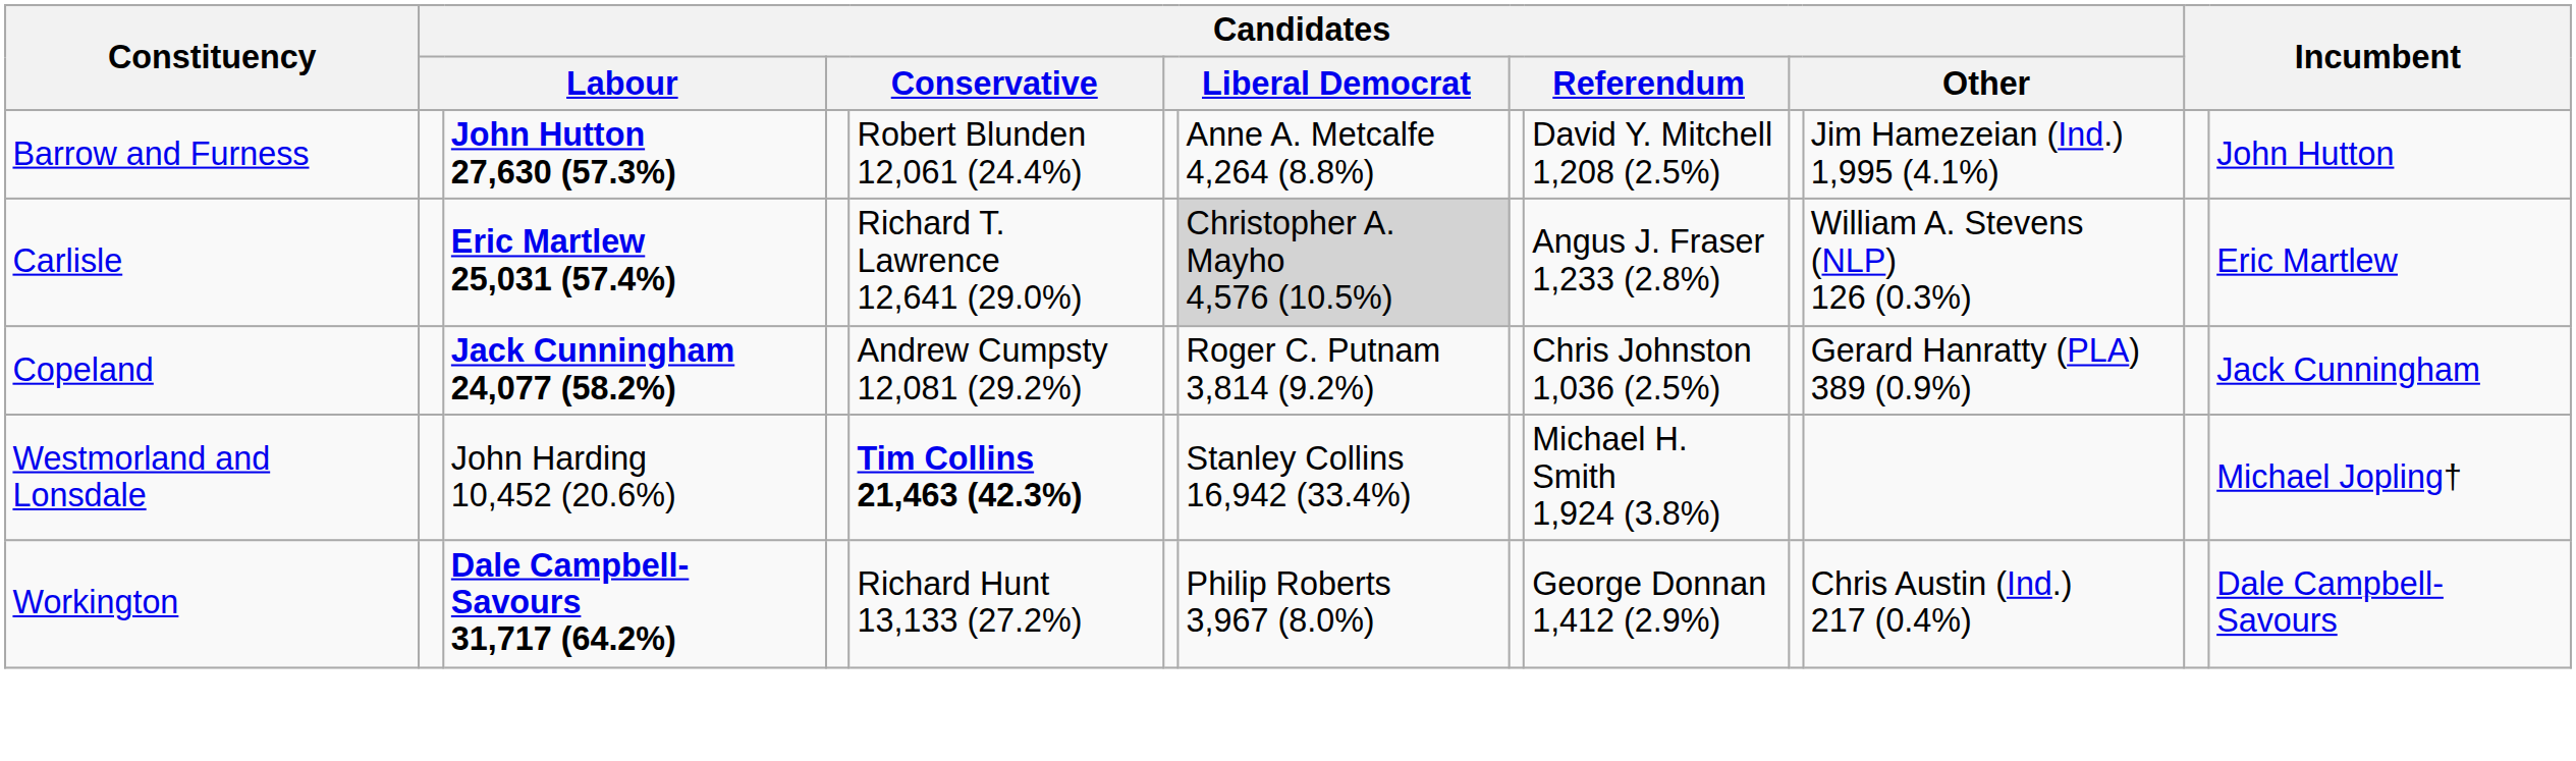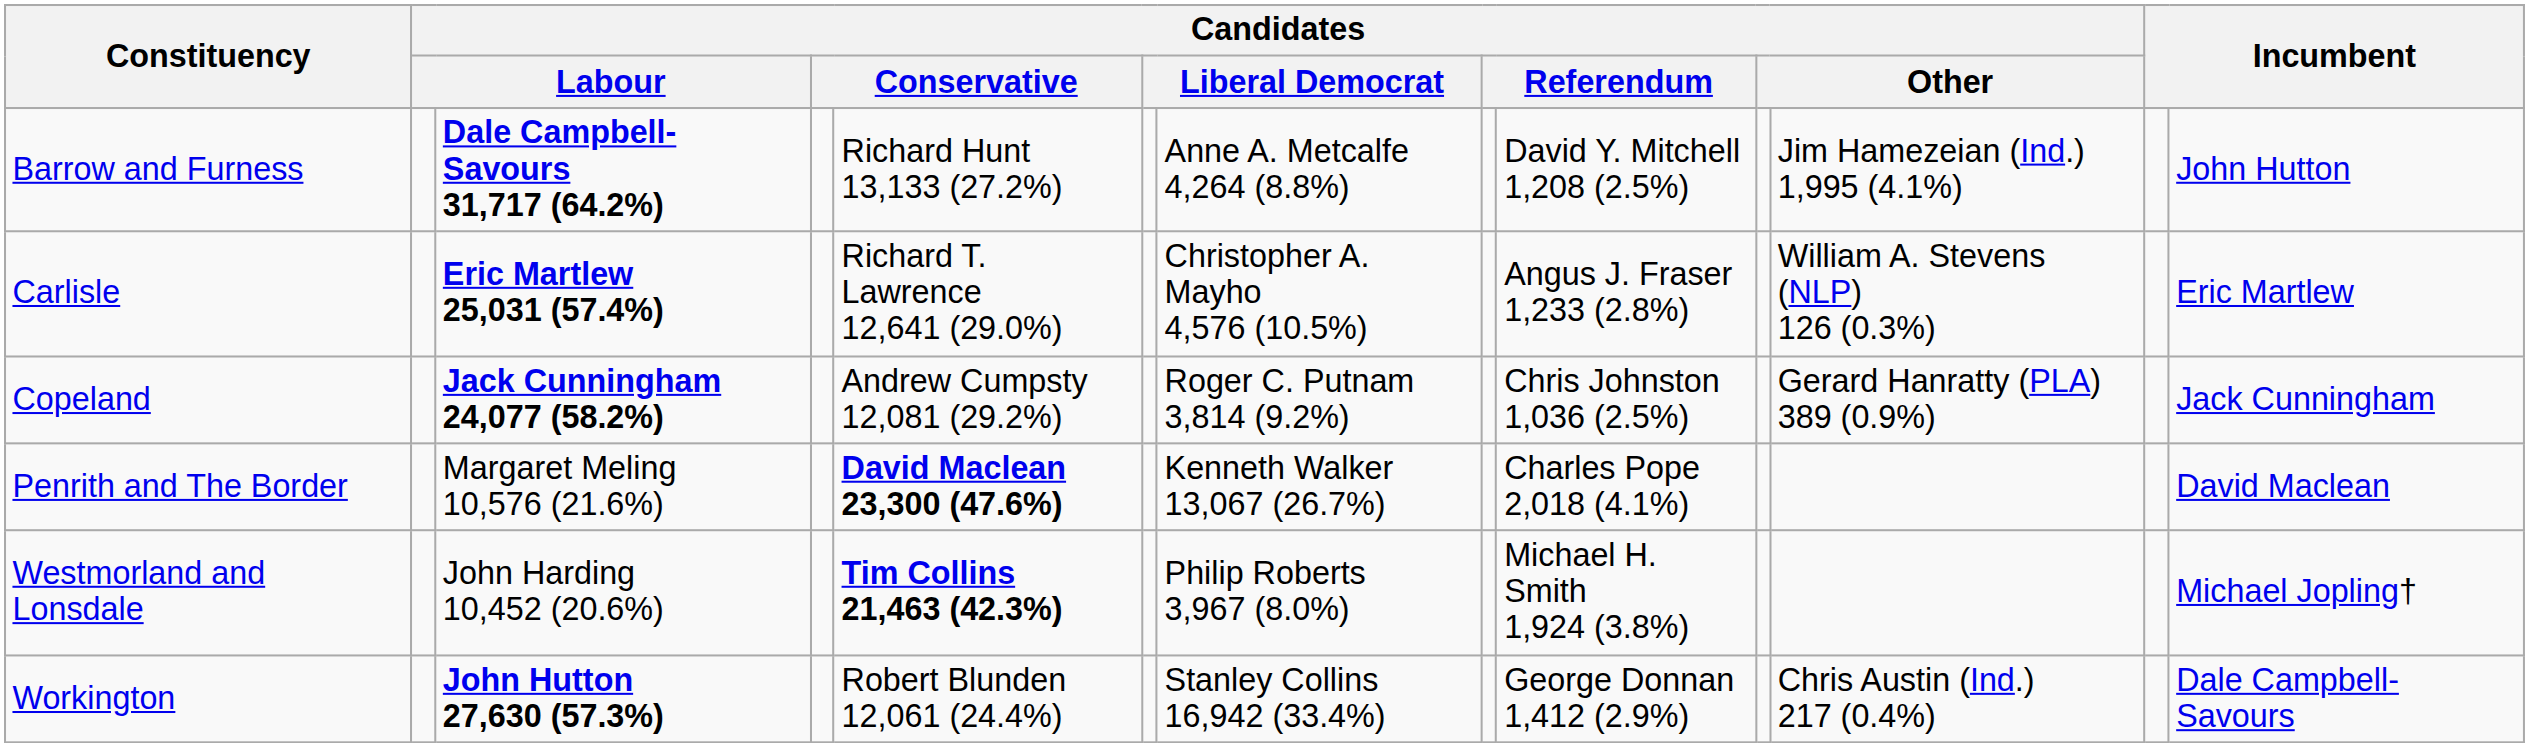 <table class="wikitable">
 <tr>
 <th rowspan="2">Constituency</th>
 <th colspan="10">Candidates</th>
 <th colspan="2" rowspan="2">Incumbent</th>
 </tr>
 <tr>
 <th colspan="2"><a href='#'>Labour</a></th>
 <th colspan="2"><a href='#'>Conservative</a></th>
 <th colspan="2"><a href='#'>Liberal Democrat</a></th>
 <th colspan="2"><a href='#'>Referendum</a></th>
 <th colspan="2">Other</th>
 </tr>
 <tr>
 <td><a href='#'>Barrow and Furness</a></td>
 <td style="color:inherit;background:"> </td>
-<td><strong><a href='#'>John Hutton</a></strong><br><strong>27,630 (57.3%)</strong></td>
+<td><strong><a href='#'>Dale Campbell-Savours</a></strong><br><strong>31,717 (64.2%)</strong></td>
 <td></td>
-<td>Robert Blunden<br>12,061 (24.4%)</td>
+<td>Richard Hunt<br>13,133 (27.2%)</td>
 <td></td>
 <td>Anne A. Metcalfe<br>4,264 (8.8%)</td>
 <td></td>
 <td>David Y. Mitchell<br>1,208 (2.5%)</td>
 <td></td>
 <td>Jim Hamezeian (<a href='#'>Ind</a>.)<br>1,995 (4.1%)</td>
 <td style="color:inherit;background:"> </td>
 <td><a href='#'>John Hutton</a></td>
 </tr>
 <tr>
 <td><a href='#'>Carlisle</a></td>
 <td style="color:inherit;background:"> </td>
 <td><strong><a href='#'>Eric Martlew</a></strong><br><strong>25,031 (57.4%)</strong></td>
 <td></td>
 <td>Richard T. Lawrence<br>12,641 (29.0%)</td>
 <td></td>
-<td style="background: lightgrey;">Christopher A. Mayho<br>4,576 (10.5%)</td>
+<td>Christopher A. Mayho<br>4,576 (10.5%)</td>
 <td></td>
 <td>Angus J. Fraser<br>1,233 (2.8%)</td>
 <td></td>
 <td>William A. Stevens (<a href='#'>NLP</a>)<br>126 (0.3%)</td>
 <td style="color:inherit;background:"> </td>
 <td><a href='#'>Eric Martlew</a></td>
 </tr>
 <tr>
 <td><a href='#'>Copeland</a></td>
 <td style="color:inherit;background:"> </td>
 <td><strong><a href='#'>Jack Cunningham</a></strong><br><strong>24,077 (58.2%)</strong></td>
 <td></td>
 <td>Andrew Cumpsty<br>12,081 (29.2%)</td>
 <td></td>
 <td>Roger C. Putnam<br>3,814 (9.2%)</td>
 <td></td>
 <td>Chris Johnston<br>1,036 (2.5%)</td>
 <td></td>
 <td>Gerard Hanratty (<a href='#'>PLA</a>)<br>389 (0.9%)</td>
 <td style="color:inherit;background:"> </td>
 <td><a href='#'>Jack Cunningham</a></td>
 </tr>
 <tr>
+<td><a href='#'>Penrith and The Border</a></td>
+<td></td>
+<td>Margaret Meling<br>10,576 (21.6%)</td>
+<td style="color:inherit;background:"> </td>
+<td><strong><a href='#'>David Maclean</a></strong><br><strong>23,300 (47.6%)</strong></td>
+<td></td>
+<td>Kenneth Walker<br>13,067 (26.7%)</td>
+<td></td>
+<td>Charles Pope<br>2,018 (4.1%)</td>
+<td></td>
+<td></td>
+<td style="color:inherit;background:"> </td>
+<td><a href='#'>David Maclean</a></td>
+</tr>
+<tr>
 <td><a href='#'>Westmorland and Lonsdale</a></td>
 <td></td>
 <td>John Harding<br>10,452 (20.6%)</td>
 <td style="color:inherit;background:"> </td>
 <td><strong><a href='#'>Tim Collins</a></strong><br><strong>21,463 (42.3%)</strong></td>
 <td></td>
-<td>Stanley Collins<br>16,942 (33.4%)</td>
+<td>Philip Roberts<br>3,967 (8.0%)</td>
 <td></td>
 <td>Michael H. Smith<br>1,924 (3.8%)</td>
 <td></td>
 <td></td>
 <td style="color:inherit;background:"> </td>
 <td><a href='#'>Michael Jopling</a>†</td>
 </tr>
 <tr>
 <td><a href='#'>Workington</a></td>
 <td style="color:inherit;background:"> </td>
-<td><strong><a href='#'>Dale Campbell-Savours</a></strong><br><strong>31,717 (64.2%)</strong></td>
+<td><strong><a href='#'>John Hutton</a></strong><br><strong>27,630 (57.3%)</strong></td>
 <td></td>
-<td>Richard Hunt<br>13,133 (27.2%)</td>
+<td>Robert Blunden<br>12,061 (24.4%)</td>
 <td></td>
-<td>Philip Roberts<br>3,967 (8.0%)</td>
+<td>Stanley Collins<br>16,942 (33.4%)</td>
 <td></td>
 <td>George Donnan<br>1,412 (2.9%)</td>
 <td></td>
 <td>Chris Austin (<a href='#'>Ind</a>.)<br>217 (0.4%)</td>
 <td style="color:inherit;background:"> </td>
 <td><a href='#'>Dale Campbell-Savours</a></td>
 </tr>
 </table>
